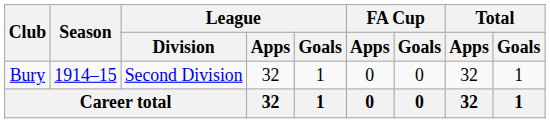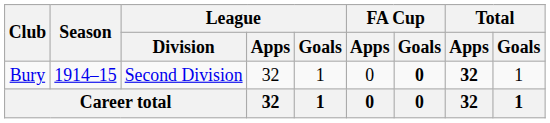 <table class="wikitable" style="text-align: center;">
 <tr>
 <th rowspan="2">Club</th>
 <th rowspan="2">Season</th>
 <th colspan="3">League</th>
 <th colspan="2">FA Cup</th>
 <th colspan="2">Total</th>
 </tr>
 <tr>
 <th>Division</th>
 <th>Apps</th>
 <th>Goals</th>
 <th>Apps</th>
 <th>Goals</th>
 <th>Apps</th>
 <th>Goals</th>
 </tr>
 <tr>
 <td><a href='#'>Bury</a></td>
 <td><a href='#'>1914–15</a></td>
 <td><a href='#'>Second Division</a></td>
 <td>32</td>
 <td>1</td>
 <td>0</td>
-<td>0</td>
-<td>32</td>
+<td><strong>0</strong></td>
+<td><strong>32</strong></td>
 <td>1</td>
 </tr>
 <tr>
 <th colspan="3">Career total</th>
 <th>32</th>
 <th>1</th>
 <th>0</th>
 <th>0</th>
 <th>32</th>
 <th>1</th>
 </tr>
 </table>
